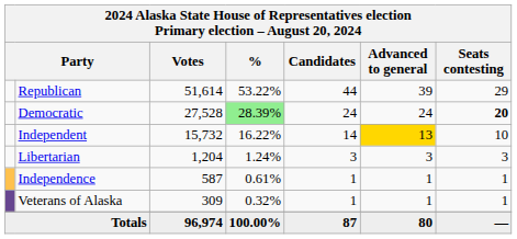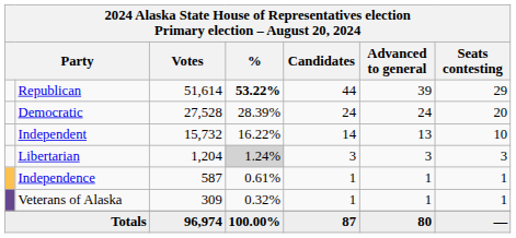 <table class="wikitable">
 <tr>
 <th colspan="9">2024 Alaska State House of Representatives election<br>Primary election – August 20, 2024</th>
 </tr>
 <tr bgcolor="#EEEEEE" align="center">
 <th colspan=2 style="width: 10em">Party</th>
 <th style="width: 5em">Votes</th>
 <th style="width: 3em">%</th>
 <th style="width: 5em">Candidates</th>
 <th style="width: 5em">Advanced to general</th>
 <th style="width: 5em">Seats contesting</th>
 </tr>
 <tr>
 <td style="background:"></td>
 <td style="width: 130px"><a href='#'>Republican</a></td>
 <td align="right">51,614</td>
-<td align="right">53.22%</td>
+<td align="right"><strong>53.22%</strong></td>
 <td align="right">44</td>
 <td align="right">39</td>
 <td align="right">29</td>
 </tr>
 <tr>
 <td style="background:"></td>
 <td style="width: 130px"><a href='#'>Democratic</a></td>
 <td align="right">27,528</td>
-<td align="right" style="background: lightgreen;">28.39%</td>
+<td align="right">28.39%</td>
 <td align="right">24</td>
 <td align="right">24</td>
-<td align="right"><strong>20</strong></td>
+<td align="right">20</td>
 </tr>
 <tr>
 <td style="background:"></td>
 <td style="width: 130px"><a href='#'>Independent</a></td>
 <td align="right">15,732</td>
 <td align="right">16.22%</td>
 <td align="right">14</td>
-<td align="right" style="background: gold;">13</td>
+<td align="right">13</td>
 <td align="right">10</td>
 </tr>
 <tr>
 <td style="background:"></td>
 <td style="width: 130px"><a href='#'>Libertarian</a></td>
 <td align="right">1,204</td>
-<td align="right">1.24%</td>
+<td align="right" style="background: lightgrey;">1.24%</td>
 <td align="right">3</td>
 <td align="right">3</td>
 <td align="right">3</td>
 </tr>
 <tr>
 <td style="background:#FFC14E;"></td>
 <td style="width: 130px"><a href='#'>Independence</a></td>
 <td align="right">587</td>
 <td align="right">0.61%</td>
 <td align="right">1</td>
 <td align="right">1</td>
 <td align="right">1</td>
 </tr>
 <tr>
 <th style="background-color:#674690; width: 3px"></th>
 <td style="width: 130px">Veterans of Alaska</td>
 <td align="right">309</td>
 <td align="right">0.32%</td>
 <td align="right">1</td>
 <td align="right">1</td>
 <td align="right">1</td>
 </tr>
 <tr>
 </tr>
 <tr bgcolor="#EEEEEE">
 <td colspan="2" align="right"><strong>Totals</strong></td>
 <td align="right"><strong>96,974</strong></td>
 <td align="right"><strong>100.00%</strong></td>
 <td align="right"><strong>87</strong></td>
 <td align="right"><strong>80</strong></td>
 <td align="right"><strong>—</strong></td>
 </tr>
 </table>
